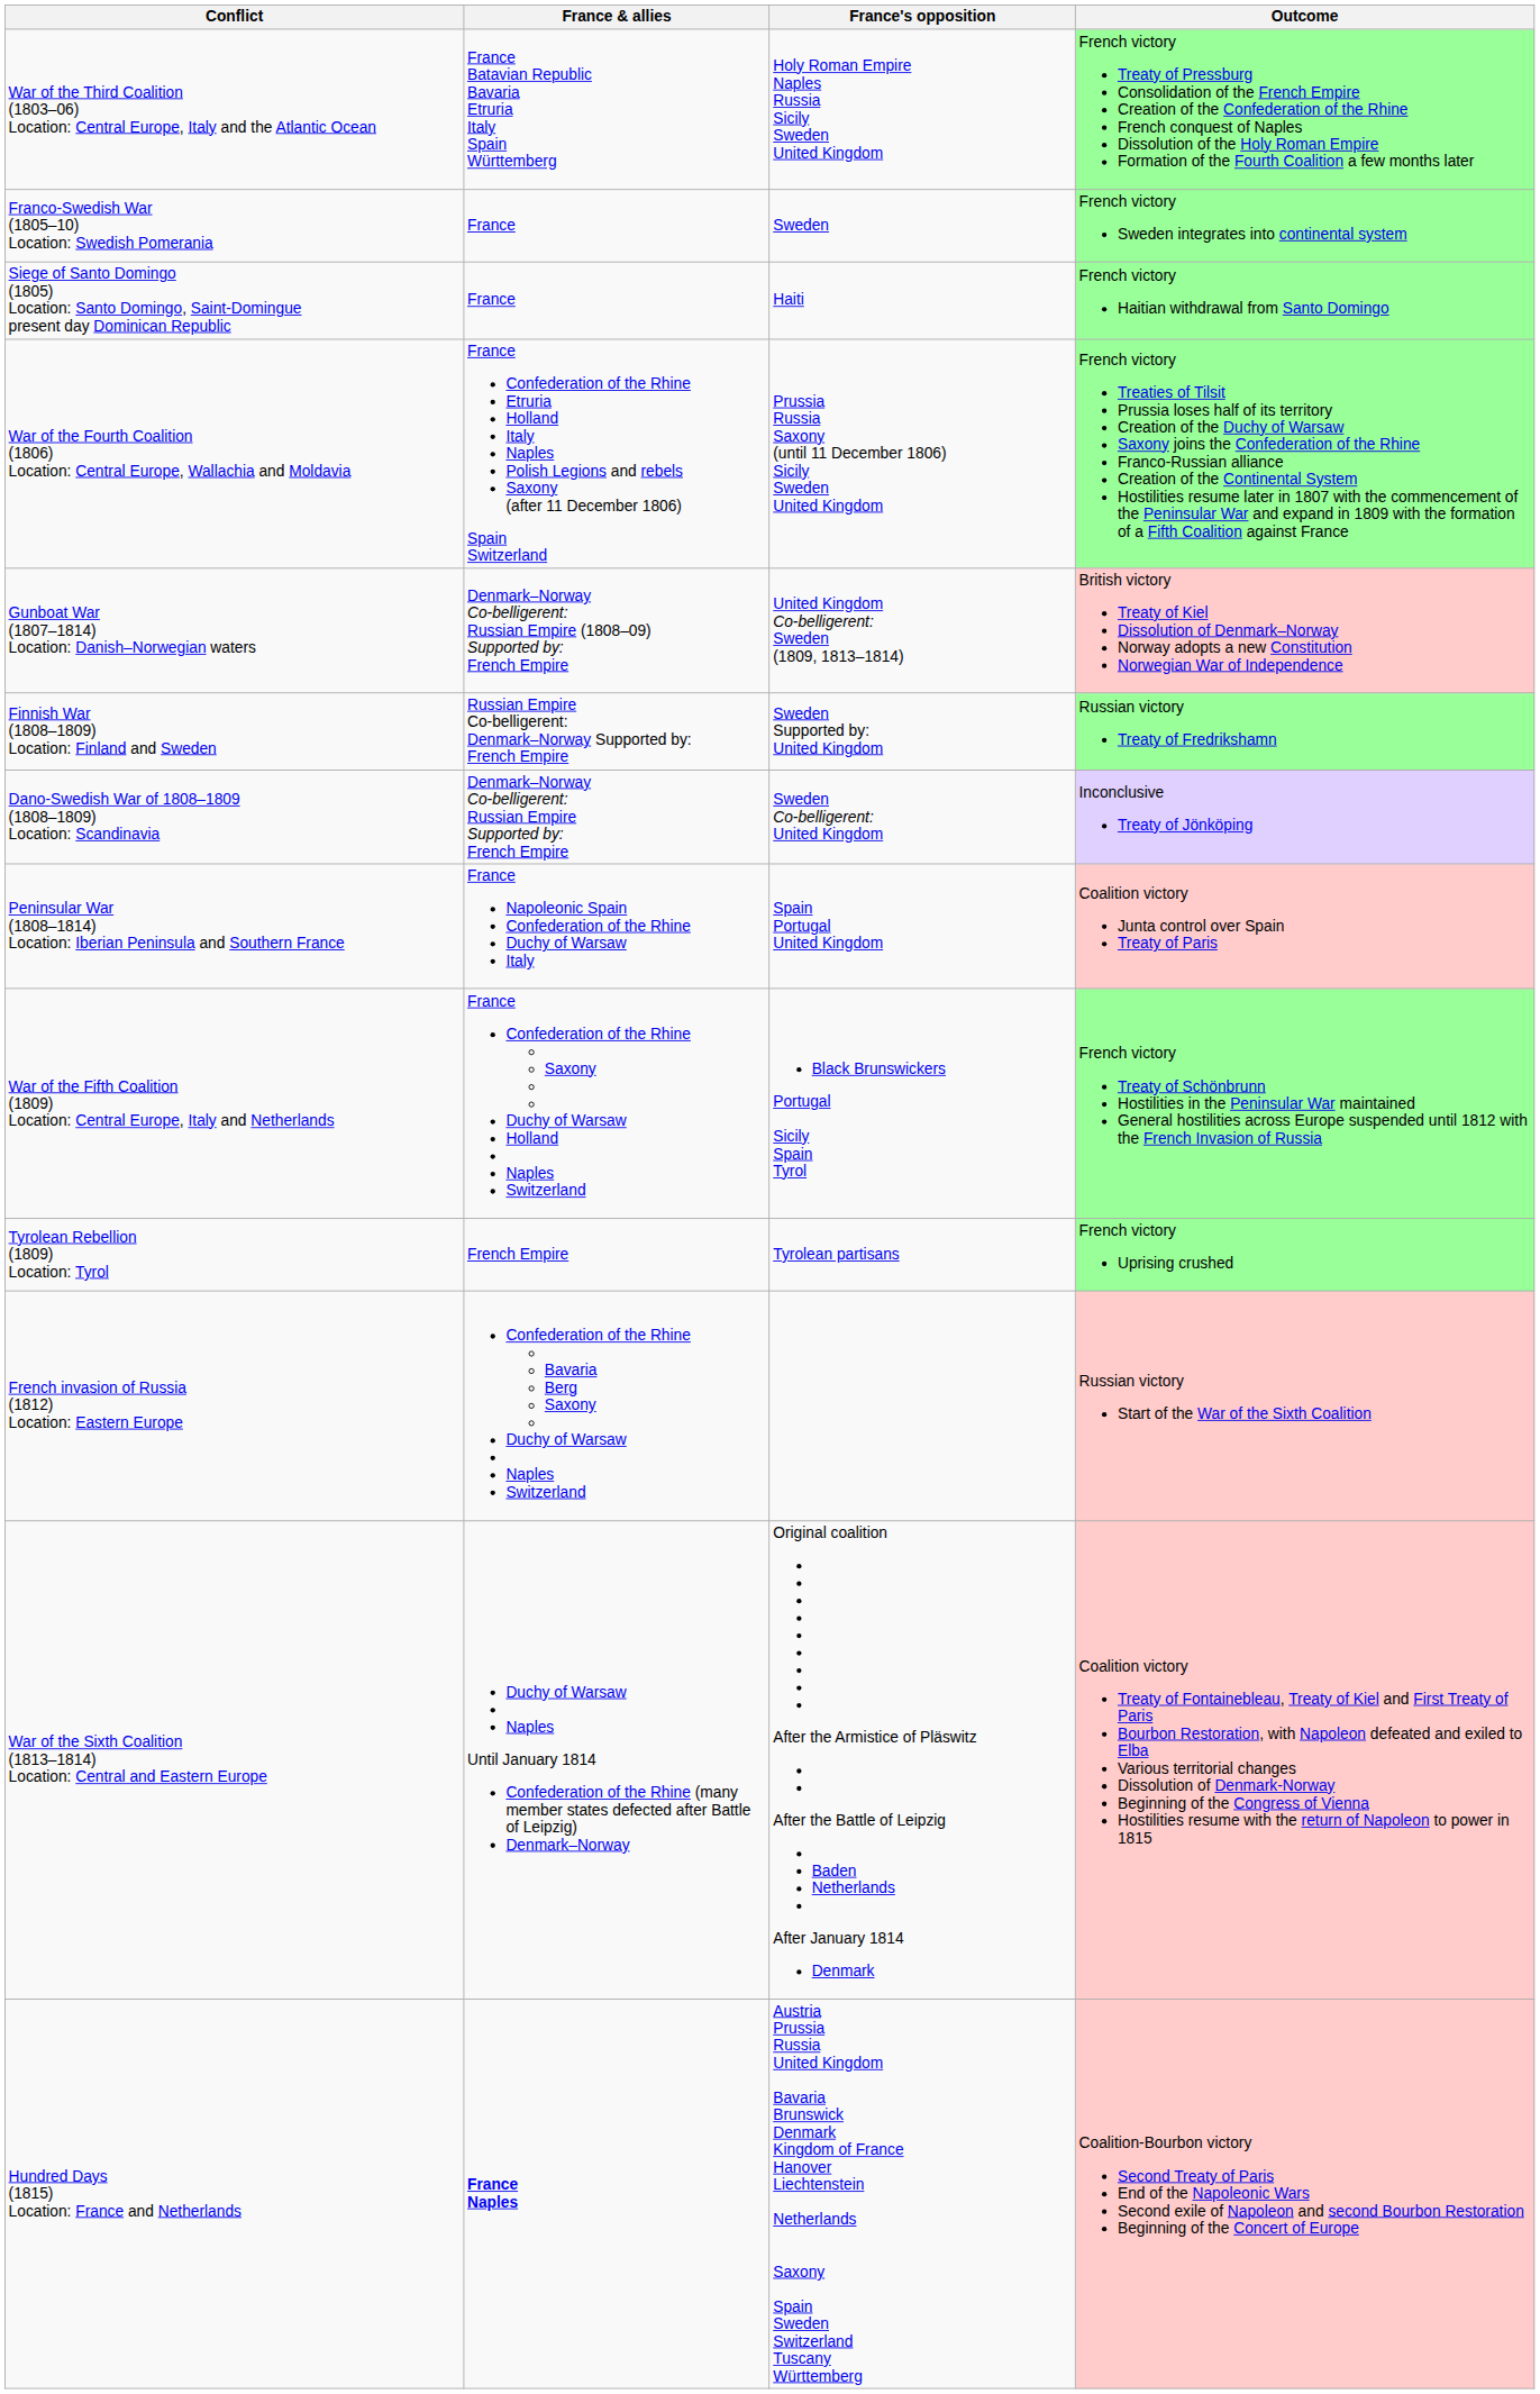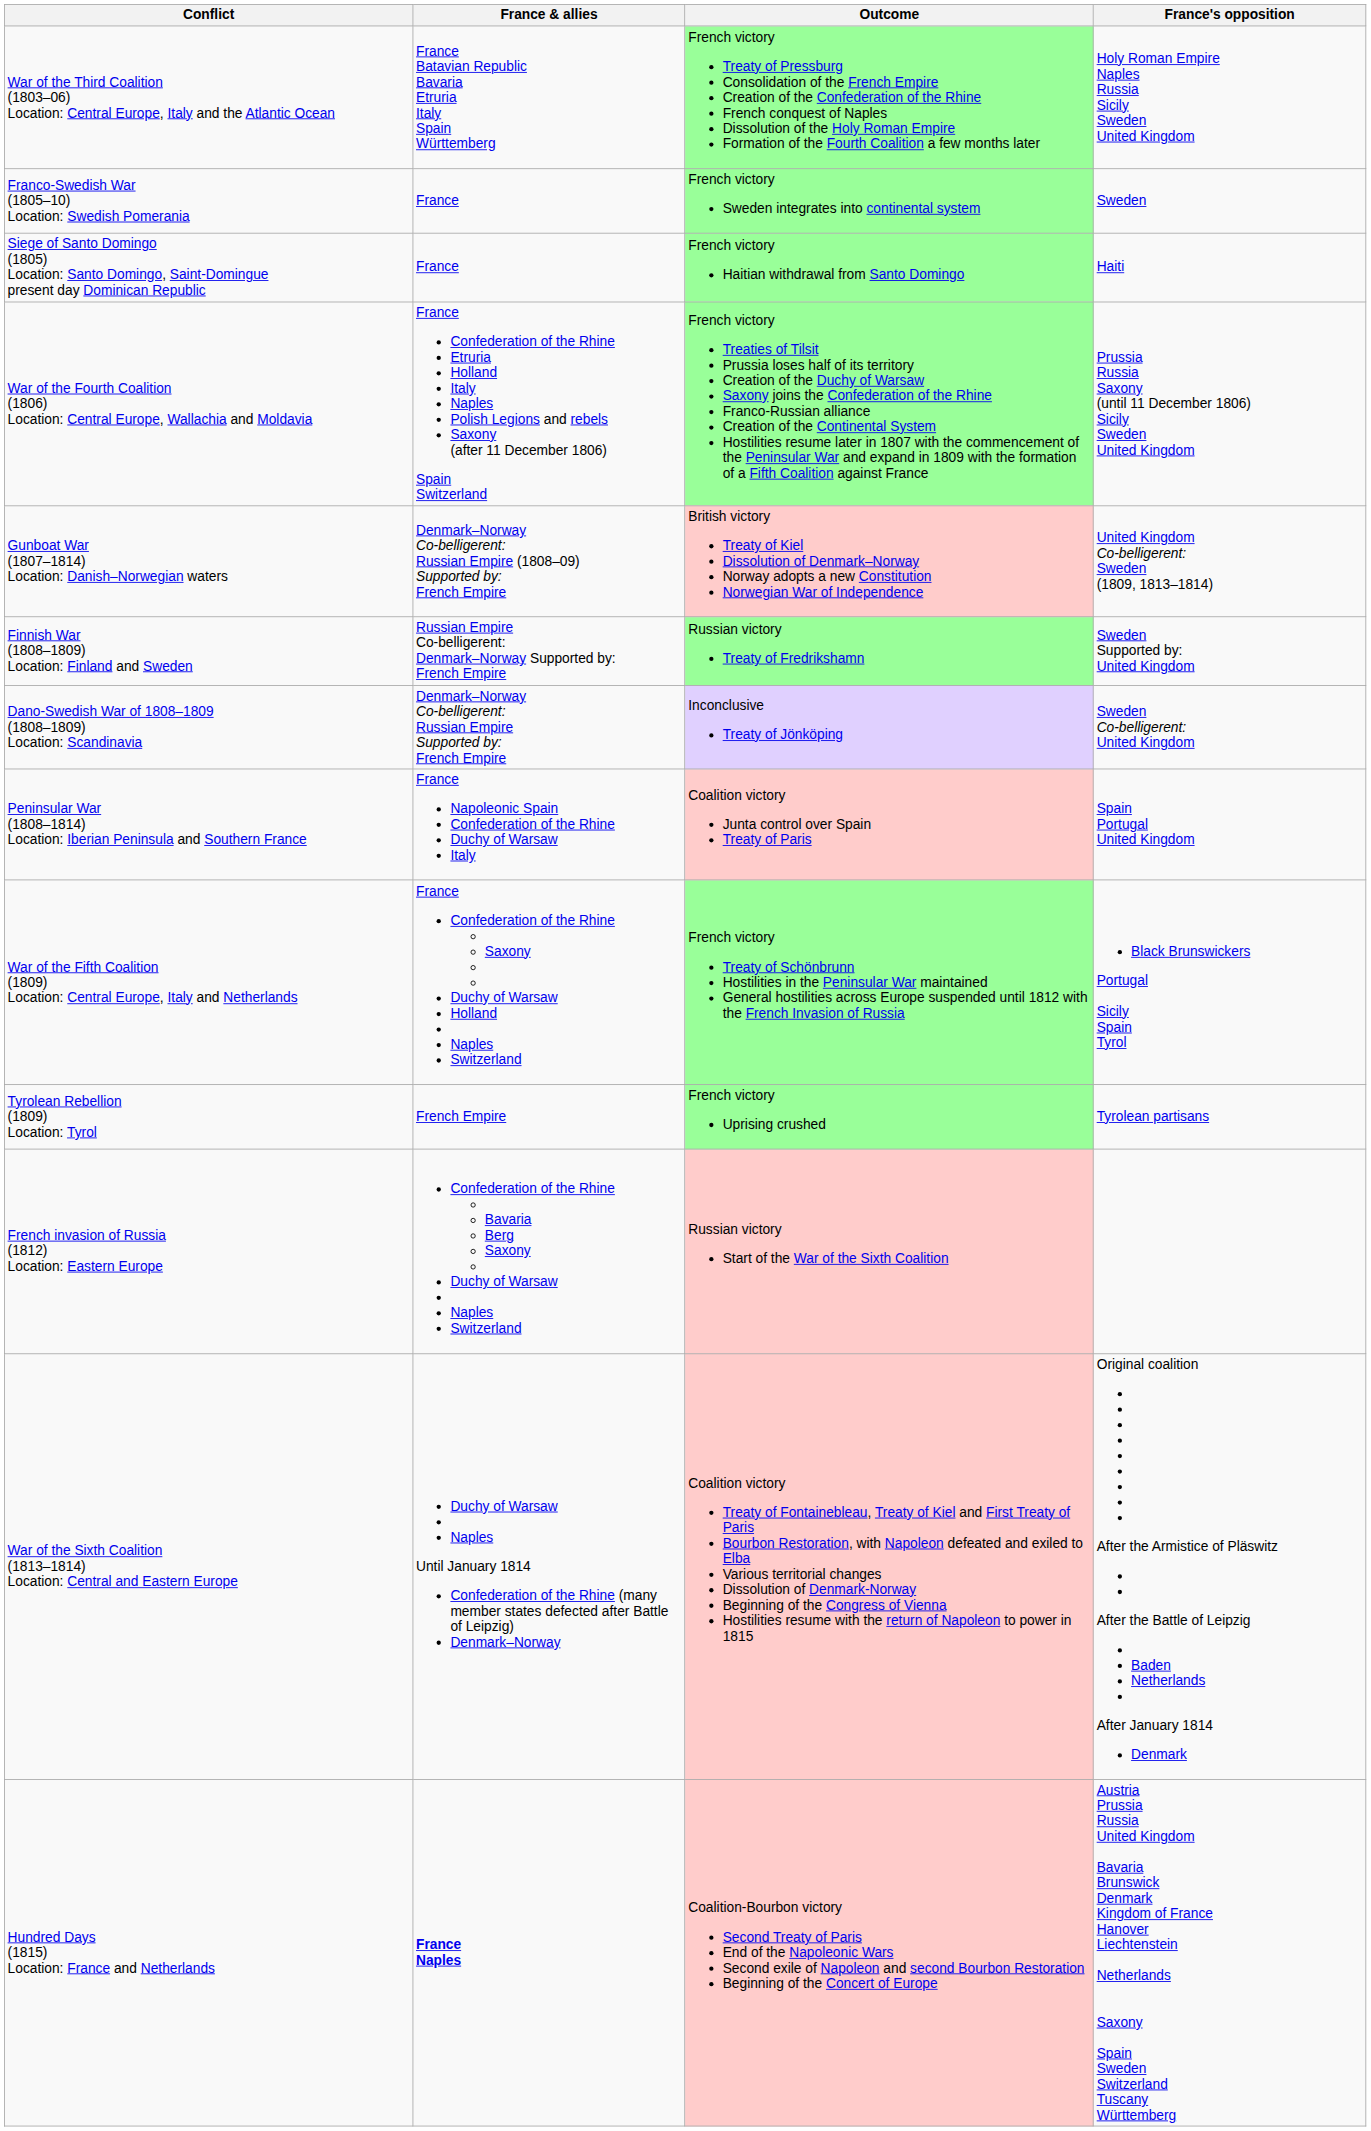 <table class="wikitable sortable" width="100%">
 <tr>
 <th width=30%>Conflict</th>
 <th width=20%>France & allies</th>
+<th width=30%>Outcome</th>
 <th width=20%>France's opposition</th>
-<th width=30%>Outcome</th>
 </tr>
 <tr>
 <td><a href='#'>War of the Third Coalition</a><br>(1803–06)<br>Location: <a href='#'>Central Europe</a>, <a href='#'>Italy</a> and the <a href='#'>Atlantic Ocean</a></td>
 <td> <a href='#'>France</a><br> <a href='#'>Batavian Republic</a><br> <a href='#'>Bavaria</a><br> <a href='#'>Etruria</a><br> <a href='#'>Italy</a><br> <a href='#'>Spain</a><br> <a href='#'>Württemberg</a></td>
+<td style="background:#99ff99">French victory<br><ul><li><a href='#'>Treaty of Pressburg</a></li><li>Consolidation of the <a href='#'>French Empire</a></li><li>Creation of the <a href='#'>Confederation of the Rhine</a></li><li>French conquest of Naples</li><li>Dissolution of the <a href='#'>Holy Roman Empire</a></li><li>Formation of the <a href='#'>Fourth Coalition</a> a few months later</li></ul></td>
 <td> <a href='#'>Holy Roman Empire</a><br> <a href='#'>Naples</a><br> <a href='#'>Russia</a><br> <a href='#'>Sicily</a><br> <a href='#'>Sweden</a><br> <a href='#'>United Kingdom</a></td>
-<td style="background:#99ff99">French victory<br><ul><li><a href='#'>Treaty of Pressburg</a></li><li>Consolidation of the <a href='#'>French Empire</a></li><li>Creation of the <a href='#'>Confederation of the Rhine</a></li><li>French conquest of Naples</li><li>Dissolution of the <a href='#'>Holy Roman Empire</a></li><li>Formation of the <a href='#'>Fourth Coalition</a> a few months later</li></ul></td>
 </tr>
 <tr>
 <td><a href='#'>Franco-Swedish War</a><br>(1805–10)<br>Location: <a href='#'>Swedish Pomerania</a></td>
 <td> <a href='#'>France</a></td>
+<td style="background:#99ff99">French victory<br><ul><li>Sweden integrates into <a href='#'>continental system</a></li></ul></td>
 <td> <a href='#'>Sweden</a></td>
-<td style="background:#99ff99">French victory<br><ul><li>Sweden integrates into <a href='#'>continental system</a></li></ul></td>
 </tr>
 <tr>
 <td><a href='#'>Siege of Santo Domingo</a><br>(1805)<br>Location: <a href='#'>Santo Domingo</a>, <a href='#'>Saint-Domingue</a><br>present day <a href='#'>Dominican Republic</a></td>
 <td> <a href='#'>France</a></td>
+<td style="background:#99ff99">French victory<br><ul><li>Haitian withdrawal from <a href='#'>Santo Domingo</a></li></ul></td>
 <td> <a href='#'>Haiti</a></td>
-<td style="background:#99ff99">French victory<br><ul><li>Haitian withdrawal from <a href='#'>Santo Domingo</a></li></ul></td>
 </tr>
 <tr>
 <td><a href='#'>War of the Fourth Coalition</a><br>(1806)<br>Location: <a href='#'>Central Europe</a>, <a href='#'>Wallachia</a> and <a href='#'>Moldavia</a></td>
 <td> <a href='#'>France</a><br><ul><li><a href='#'>Confederation of the Rhine</a></li><li> <a href='#'>Etruria</a></li><li> <a href='#'>Holland</a></li><li> <a href='#'>Italy</a></li><li> <a href='#'>Naples</a></li><li> <a href='#'>Polish Legions</a> and <a href='#'>rebels</a></li><li> <a href='#'>Saxony</a><br>(after 11 December 1806)</li></ul> <a href='#'>Spain</a><br><a href='#'>Switzerland</a></td>
+<td style="background:#99ff99">French victory<br><ul><li><a href='#'>Treaties of Tilsit</a></li><li>Prussia loses half of its territory</li><li>Creation of the <a href='#'>Duchy of Warsaw</a></li><li><a href='#'>Saxony</a> joins the <a href='#'>Confederation of the Rhine</a></li><li>Franco-Russian alliance</li><li>Creation of the <a href='#'>Continental System</a></li><li>Hostilities resume later in 1807 with the commencement of the <a href='#'>Peninsular War</a> and expand in 1809 with the formation of a <a href='#'>Fifth Coalition</a> against France</li></ul></td>
 <td> <a href='#'>Prussia</a><br> <a href='#'>Russia</a><br> <a href='#'>Saxony</a><br>(until 11 December 1806)<br> <a href='#'>Sicily</a><br> <a href='#'>Sweden</a><br> <a href='#'>United Kingdom</a></td>
-<td style="background:#99ff99">French victory<br><ul><li><a href='#'>Treaties of Tilsit</a></li><li>Prussia loses half of its territory</li><li>Creation of the <a href='#'>Duchy of Warsaw</a></li><li><a href='#'>Saxony</a> joins the <a href='#'>Confederation of the Rhine</a></li><li>Franco-Russian alliance</li><li>Creation of the <a href='#'>Continental System</a></li><li>Hostilities resume later in 1807 with the commencement of the <a href='#'>Peninsular War</a> and expand in 1809 with the formation of a <a href='#'>Fifth Coalition</a> against France</li></ul></td>
 </tr>
 <tr>
 <td><a href='#'>Gunboat War</a><br>(1807–1814)<br>Location: <a href='#'>Danish–Norwegian</a> waters</td>
 <td> <a href='#'>Denmark–Norway</a><br><em>Co-belligerent:</em> <br> <a href='#'>Russian Empire</a> (1808–09) <br><em>Supported by:</em> <br> <a href='#'>French Empire</a></td>
+<td style="background:#FFCCCB">British victory<br><ul><li><a href='#'>Treaty of Kiel</a></li><li><a href='#'>Dissolution of Denmark–Norway</a></li><li>Norway adopts a new <a href='#'>Constitution</a></li><li><a href='#'>Norwegian War of Independence</a></li></ul></td>
 <td> <a href='#'>United Kingdom</a><br><em>Co-belligerent:</em> <br> <a href='#'>Sweden</a> <br>(1809, 1813–1814)</td>
-<td style="background:#FFCCCB">British victory<br><ul><li><a href='#'>Treaty of Kiel</a></li><li><a href='#'>Dissolution of Denmark–Norway</a></li><li>Norway adopts a new <a href='#'>Constitution</a></li><li><a href='#'>Norwegian War of Independence</a></li></ul></td>
 </tr>
 <tr>
 <td><a href='#'>Finnish War</a><br>(1808–1809)<br>Location: <a href='#'>Finland</a> and <a href='#'>Sweden</a></td>
 <td> <a href='#'>Russian Empire</a><br>Co-belligerent:<br> <a href='#'>Denmark–Norway</a> Supported by:<br> <a href='#'>French Empire</a></td>
+<td style="background:#99ff99">Russian victory<br><ul><li><a href='#'>Treaty of Fredrikshamn</a></li></ul></td>
 <td> <a href='#'>Sweden</a><br>Supported by:<br> <a href='#'>United Kingdom</a></td>
-<td style="background:#99ff99">Russian victory<br><ul><li><a href='#'>Treaty of Fredrikshamn</a></li></ul></td>
 </tr>
 <tr>
 <td><a href='#'>Dano-Swedish War of 1808–1809</a><br>(1808–1809)<br>Location: <a href='#'>Scandinavia</a></td>
 <td> <a href='#'>Denmark–Norway</a><br><em>Co-belligerent:</em> <br> <a href='#'>Russian Empire</a> <br><em>Supported by:</em> <br> <a href='#'>French Empire</a></td>
+<td style="background:#E0D0FF">Inconclusive<br><ul><li><a href='#'>Treaty of Jönköping</a></li></ul></td>
 <td> <a href='#'>Sweden</a><br><em>Co-belligerent:</em> <br> <a href='#'>United Kingdom</a></td>
-<td style="background:#E0D0FF">Inconclusive<br><ul><li><a href='#'>Treaty of Jönköping</a></li></ul></td>
 </tr>
 <tr>
 <td><a href='#'>Peninsular War</a><br>(1808–1814)<br>Location: <a href='#'>Iberian Peninsula</a> and <a href='#'>Southern France</a></td>
 <td> <a href='#'>France</a><br><ul><li> <a href='#'>Napoleonic Spain</a></li><li><a href='#'>Confederation of the Rhine</a></li><li> <a href='#'>Duchy of Warsaw</a></li><li> <a href='#'>Italy</a></li></ul></td>
+<td style="background:#FFCCCB">Coalition victory<br><ul><li>Junta control over Spain</li><li><a href='#'>Treaty of Paris</a></li></ul></td>
 <td> <a href='#'>Spain</a><br> <a href='#'>Portugal</a><br> <a href='#'>United Kingdom</a></td>
-<td style="background:#FFCCCB">Coalition victory<br><ul><li>Junta control over Spain</li><li><a href='#'>Treaty of Paris</a></li></ul></td>
 </tr>
 <tr>
 <td><a href='#'>War of the Fifth Coalition</a><br>(1809)<br>Location: <a href='#'>Central Europe</a>, <a href='#'>Italy</a> and <a href='#'>Netherlands</a></td>
 <td> <a href='#'>France</a><br><ul><li><a href='#'>Confederation of the Rhine</a><ul><li></li><li> <a href='#'>Saxony</a></li><li></li><li></li></ul></li><li> <a href='#'>Duchy of Warsaw</a></li><li> <a href='#'>Holland</a></li><li></li><li> <a href='#'>Naples</a></li><li> <a href='#'>Switzerland</a></li></ul></td>
+<td style="background:#99ff99">French victory<br><ul><li><a href='#'>Treaty of Schönbrunn</a></li><li>Hostilities in the <a href='#'>Peninsular War</a> maintained</li><li>General hostilities across Europe suspended until 1812 with the <a href='#'>French Invasion of Russia</a></li></ul></td>
 <td><br><ul><li> <a href='#'>Black Brunswickers</a></li></ul> <a href='#'>Portugal</a><br><br> <a href='#'>Sicily</a><br> <a href='#'>Spain</a><br> <a href='#'>Tyrol</a><br></td>
-<td style="background:#99ff99">French victory<br><ul><li><a href='#'>Treaty of Schönbrunn</a></li><li>Hostilities in the <a href='#'>Peninsular War</a> maintained</li><li>General hostilities across Europe suspended until 1812 with the <a href='#'>French Invasion of Russia</a></li></ul></td>
 </tr>
 <tr>
 <td><a href='#'>Tyrolean Rebellion</a><br>(1809)<br>Location: <a href='#'>Tyrol</a></td>
 <td> <a href='#'>French Empire</a></td>
+<td style="background:#99ff99">French victory<br><ul><li>Uprising crushed</li></ul></td>
 <td> <a href='#'>Tyrolean partisans</a></td>
-<td style="background:#99ff99">French victory<br><ul><li>Uprising crushed</li></ul></td>
 </tr>
 <tr>
 <td><a href='#'>French invasion of Russia</a><br>(1812)<br>Location: <a href='#'>Eastern Europe</a></td>
 <td><br><ul><li><a href='#'>Confederation of the Rhine</a><ul><li></li><li> <a href='#'>Bavaria</a></li><li> <a href='#'>Berg</a></li><li> <a href='#'>Saxony</a></li><li></li></ul></li><li> <a href='#'>Duchy of Warsaw</a></li><li></li><li> <a href='#'>Naples</a></li><li> <a href='#'>Switzerland</a></li></ul></td>
+<td style="background:#FFCCCB">Russian victory<br><ul><li>Start of the <a href='#'>War of the Sixth Coalition</a></li></ul></td>
 <td></td>
-<td style="background:#FFCCCB">Russian victory<br><ul><li>Start of the <a href='#'>War of the Sixth Coalition</a></li></ul></td>
 </tr>
 <tr>
 <td><a href='#'>War of the Sixth Coalition</a><br>(1813–1814)<br>Location: <a href='#'>Central and Eastern Europe</a></td>
 <td><br><ul><li> <a href='#'>Duchy of Warsaw</a></li><li></li><li> <a href='#'>Naples</a></li></ul>Until January 1814 <ul><li><a href='#'>Confederation of the Rhine</a> (many member states defected after Battle of Leipzig)</li><li> <a href='#'>Denmark–Norway</a></li></ul></td>
+<td style="background:#FFCCCB">Coalition victory<br><ul><li><a href='#'>Treaty of Fontainebleau</a>, <a href='#'>Treaty of Kiel</a> and <a href='#'>First Treaty of Paris</a></li><li><a href='#'>Bourbon Restoration</a>, with <a href='#'>Napoleon</a> defeated and exiled to <a href='#'>Elba</a></li><li>Various territorial changes</li><li>Dissolution of <a href='#'>Denmark-Norway</a></li><li>Beginning of the <a href='#'>Congress of Vienna</a></li><li>Hostilities resume with the <a href='#'>return of Napoleon</a> to power in 1815</li></ul></td>
 <td>Original coalition <br><ul><li></li><li></li><li></li><li></li><li></li><li></li><li></li><li></li><li></li></ul> After the Armistice of Pläswitz <ul><li></li><li></li></ul> After the Battle of Leipzig <ul><li></li><li> <a href='#'>Baden</a></li><li> <a href='#'>Netherlands</a></li><li></li></ul> After January 1814 <ul><li> <a href='#'>Denmark</a></li></ul></td>
-<td style="background:#FFCCCB">Coalition victory<br><ul><li><a href='#'>Treaty of Fontainebleau</a>, <a href='#'>Treaty of Kiel</a> and <a href='#'>First Treaty of Paris</a></li><li><a href='#'>Bourbon Restoration</a>, with <a href='#'>Napoleon</a> defeated and exiled to <a href='#'>Elba</a></li><li>Various territorial changes</li><li>Dissolution of <a href='#'>Denmark-Norway</a></li><li>Beginning of the <a href='#'>Congress of Vienna</a></li><li>Hostilities resume with the <a href='#'>return of Napoleon</a> to power in 1815</li></ul></td>
 </tr>
 <tr>
 <td><a href='#'>Hundred Days</a><br>(1815)<br>Location: <a href='#'>France</a> and <a href='#'>Netherlands</a></td>
 <td><strong> <a href='#'>France</a><br> <a href='#'>Naples</a></strong></td>
+<td style="background:#FFCCCB">Coalition-Bourbon victory<br><ul><li><a href='#'>Second Treaty of Paris</a></li><li>End of the <a href='#'>Napoleonic Wars</a></li><li>Second exile of <a href='#'>Napoleon</a> and <a href='#'>second Bourbon Restoration</a></li><li>Beginning of the <a href='#'>Concert of Europe</a></li></ul></td>
 <td> <a href='#'>Austria</a><br> <a href='#'>Prussia</a><br> <a href='#'>Russia</a><br> <a href='#'>United Kingdom</a><br><br> <a href='#'>Bavaria</a><br> <a href='#'>Brunswick</a><br> <a href='#'>Denmark</a><br> <a href='#'>Kingdom of France</a><br> <a href='#'>Hanover</a><br> <a href='#'>Liechtenstein</a><br><br> <a href='#'>Netherlands</a><br><br><br> <a href='#'>Saxony</a><br><br> <a href='#'>Spain</a><br> <a href='#'>Sweden</a><br> <a href='#'>Switzerland</a><br> <a href='#'>Tuscany</a><br> <a href='#'>Württemberg</a></td>
-<td style="background:#FFCCCB">Coalition-Bourbon victory<br><ul><li><a href='#'>Second Treaty of Paris</a></li><li>End of the <a href='#'>Napoleonic Wars</a></li><li>Second exile of <a href='#'>Napoleon</a> and <a href='#'>second Bourbon Restoration</a></li><li>Beginning of the <a href='#'>Concert of Europe</a></li></ul></td>
 </tr>
 </table>
